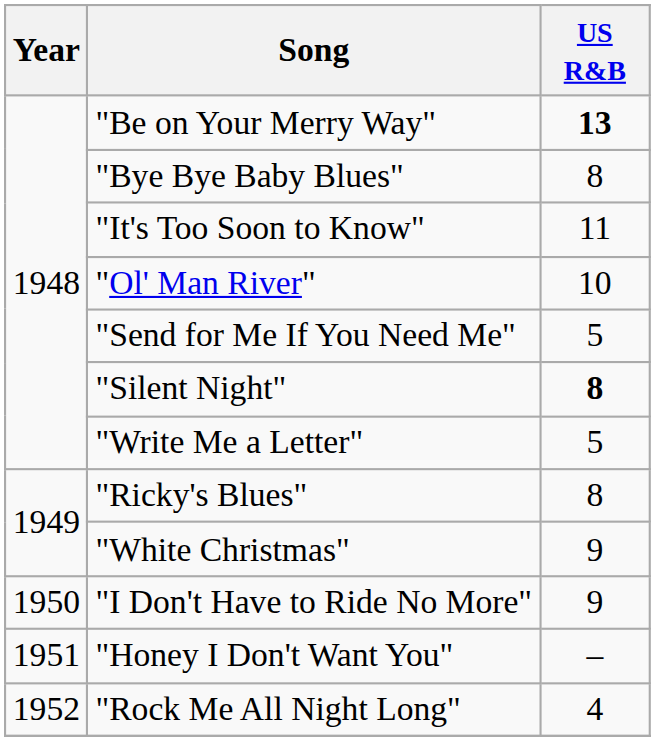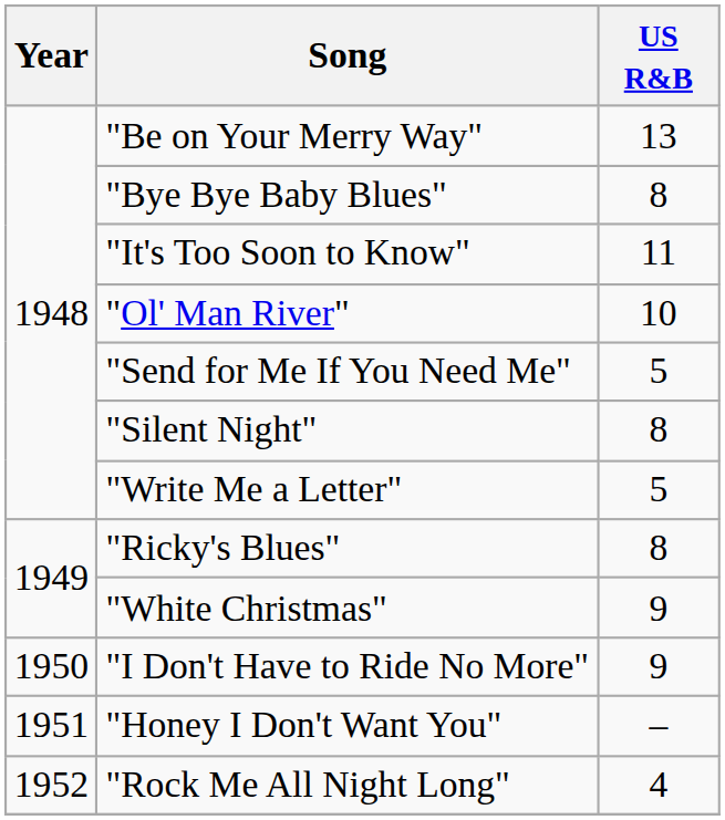 <table class="wikitable">
 <tr>
 <th>Year</th>
 <th>Song</th>
 <th style="width:45px;"><small><a href='#'>US R&B</a></small><br></th>
 </tr>
 <tr>
 <td rowspan="7">1948</td>
 <td>"Be on Your Merry Way"</td>
-<td align=center><strong>13</strong></td>
+<td align=center>13</td>
 </tr>
 <tr>
 <td>"Bye Bye Baby Blues"</td>
 <td align=center>8</td>
 </tr>
 <tr>
 <td>"It's Too Soon to Know"</td>
 <td align=center>11</td>
 </tr>
 <tr>
 <td>"<a href='#'>Ol' Man River</a>"</td>
 <td align=center>10</td>
 </tr>
 <tr>
 <td>"Send for Me If You Need Me"</td>
 <td align=center>5</td>
 </tr>
 <tr>
 <td>"Silent Night"</td>
-<td align=center><strong>8</strong></td>
+<td align=center>8</td>
 </tr>
 <tr>
 <td>"Write Me a Letter"</td>
 <td align=center>5</td>
 </tr>
 <tr>
 <td rowspan="2">1949</td>
 <td>"Ricky's Blues"</td>
 <td align=center>8</td>
 </tr>
 <tr>
 <td>"White Christmas"</td>
 <td align=center>9</td>
 </tr>
 <tr>
 <td rowspan="1">1950</td>
 <td>"I Don't Have to Ride No More"</td>
 <td align=center>9</td>
 </tr>
 <tr>
 <td rowspan="1">1951</td>
 <td>"Honey I Don't Want You"</td>
 <td align=center>–</td>
 </tr>
 <tr>
 <td rowspan="1">1952</td>
 <td>"Rock Me All Night Long"</td>
 <td align=center>4</td>
 </tr>
 <tr>
 </tr>
 </table>
